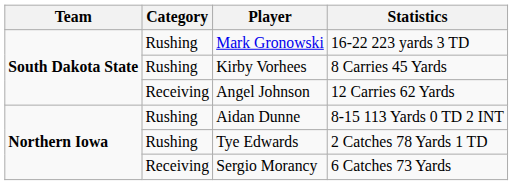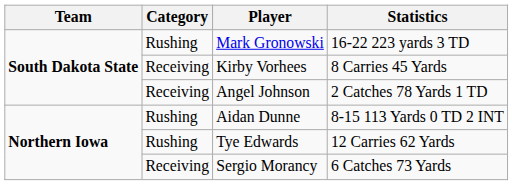 <table class="wikitable" style="float: right;">
 <tr>
 <th>Team</th>
 <th>Category</th>
 <th>Player</th>
 <th>Statistics</th>
 </tr>
 <tr>
 <td rowspan=3><strong>South Dakota State</strong></td>
 <td>Rushing</td>
 <td><a href='#'>Mark Gronowski</a></td>
 <td>16-22 223 yards 3 TD</td>
 </tr>
 <tr>
-<td>Rushing</td>
+<td>Receiving</td>
 <td>Kirby Vorhees</td>
 <td>8 Carries 45 Yards</td>
 </tr>
 <tr>
 <td>Receiving</td>
 <td>Angel Johnson</td>
-<td>12 Carries 62 Yards</td>
+<td>2 Catches 78 Yards 1 TD</td>
 </tr>
 <tr>
 <td rowspan=3><strong>Northern Iowa</strong></td>
 <td>Rushing</td>
 <td>Aidan Dunne</td>
 <td>8-15 113 Yards 0 TD 2 INT</td>
 </tr>
 <tr>
 <td>Rushing</td>
 <td>Tye Edwards</td>
-<td>2 Catches 78 Yards 1 TD</td>
+<td>12 Carries 62 Yards</td>
 </tr>
 <tr>
 <td>Receiving</td>
 <td>Sergio Morancy</td>
 <td>6 Catches 73 Yards</td>
 </tr>
 </table>
